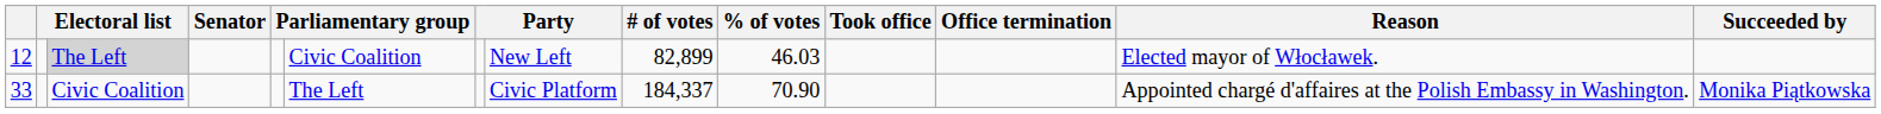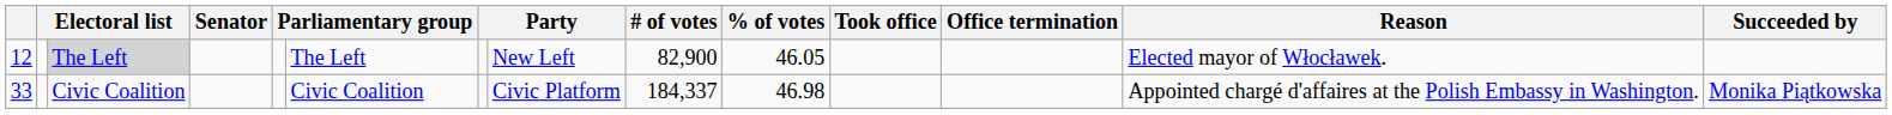 <table class="wikitable sortable">
 <tr>
 <th></th>
 <th colspan="2">Electoral list</th>
 <th>Senator</th>
 <th colspan="2">Parliamentary group</th>
 <th colspan="2">Party</th>
 <th># of votes</th>
 <th>% of votes</th>
 <th>Took office</th>
 <th>Office termination</th>
 <th>Reason</th>
 <th>Succeeded by</th>
 </tr>
 <tr>
 <td><a href='#'>12</a></td>
 <td></td>
 <td style="background: lightgrey;"><a href='#'>The Left</a></td>
 <td></td>
 <td></td>
-<td><a href='#'>Civic Coalition</a></td>
+<td><a href='#'>The Left</a></td>
 <td></td>
 <td><a href='#'>New Left</a></td>
-<td style="text-align: right;">82,899</td>
-<td style="text-align: right;">46.03</td>
+<td style="text-align: right;">82,900</td>
+<td style="text-align: right;">46.05</td>
 <td></td>
 <td></td>
 <td><a href='#'>Elected</a> mayor of <a href='#'>Włocławek</a>.</td>
 <td></td>
 </tr>
 <tr>
 <td><a href='#'>33</a></td>
 <td></td>
 <td><a href='#'>Civic Coalition</a></td>
 <td></td>
 <td></td>
-<td><a href='#'>The Left</a></td>
+<td><a href='#'>Civic Coalition</a></td>
 <td></td>
 <td><a href='#'>Civic Platform</a></td>
 <td style="text-align: right;">184,337</td>
-<td style="text-align: right;">70.90</td>
+<td style="text-align: right;">46.98</td>
 <td></td>
 <td></td>
 <td>Appointed chargé d'affaires at the <a href='#'>Polish Embassy in Washington</a>.</td>
 <td><a href='#'>Monika Piątkowska</a></td>
 </tr>
 </table>
